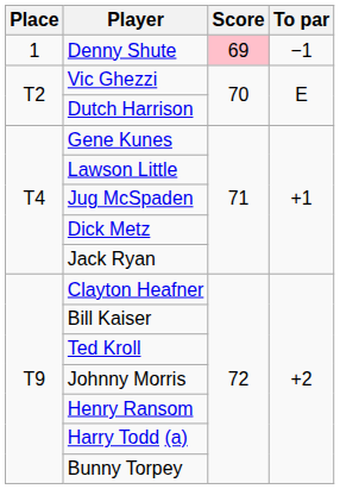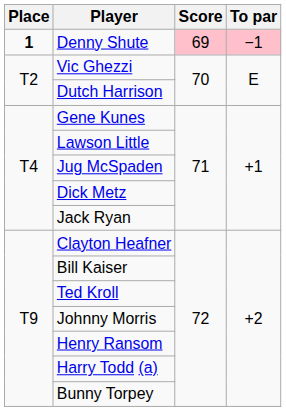 <table class=wikitable>
 <tr>
 <th>Place</th>
 <th>Player</th>
 <th>Score</th>
 <th>To par</th>
 </tr>
 <tr>
-<td align=center>1</td>
+<td align=center><strong>1</strong></td>
 <td> <a href='#'>Denny Shute</a></td>
 <td align=center style="background: pink;">69</td>
-<td align=center>−1</td>
+<td align=center style="background: pink;">−1</td>
 </tr>
 <tr>
 <td rowspan=2 align=center>T2</td>
 <td> <a href='#'>Vic Ghezzi</a></td>
 <td rowspan=2 align=center>70</td>
 <td rowspan=2 align=center>E</td>
 </tr>
 <tr>
 <td> <a href='#'>Dutch Harrison</a></td>
 </tr>
 <tr>
 <td rowspan=5 align=center>T4</td>
 <td> <a href='#'>Gene Kunes</a></td>
 <td rowspan=5 align=center>71</td>
 <td rowspan=5 align=center>+1</td>
 </tr>
 <tr>
 <td> <a href='#'>Lawson Little</a></td>
 </tr>
 <tr>
 <td> <a href='#'>Jug McSpaden</a></td>
 </tr>
 <tr>
 <td> <a href='#'>Dick Metz</a></td>
 </tr>
 <tr>
 <td> Jack Ryan</td>
 </tr>
 <tr>
 <td rowspan=7 align=center>T9</td>
 <td> <a href='#'>Clayton Heafner</a></td>
 <td rowspan=7 align=center>72</td>
 <td rowspan=7 align=center>+2</td>
 </tr>
 <tr>
 <td> Bill Kaiser</td>
 </tr>
 <tr>
 <td> <a href='#'>Ted Kroll</a></td>
 </tr>
 <tr>
 <td> Johnny Morris</td>
 </tr>
 <tr>
 <td> <a href='#'>Henry Ransom</a></td>
 </tr>
 <tr>
 <td> <a href='#'>Harry Todd</a> <a href='#'>(a)</a></td>
 </tr>
 <tr>
 <td> Bunny Torpey</td>
 </tr>
 </table>
